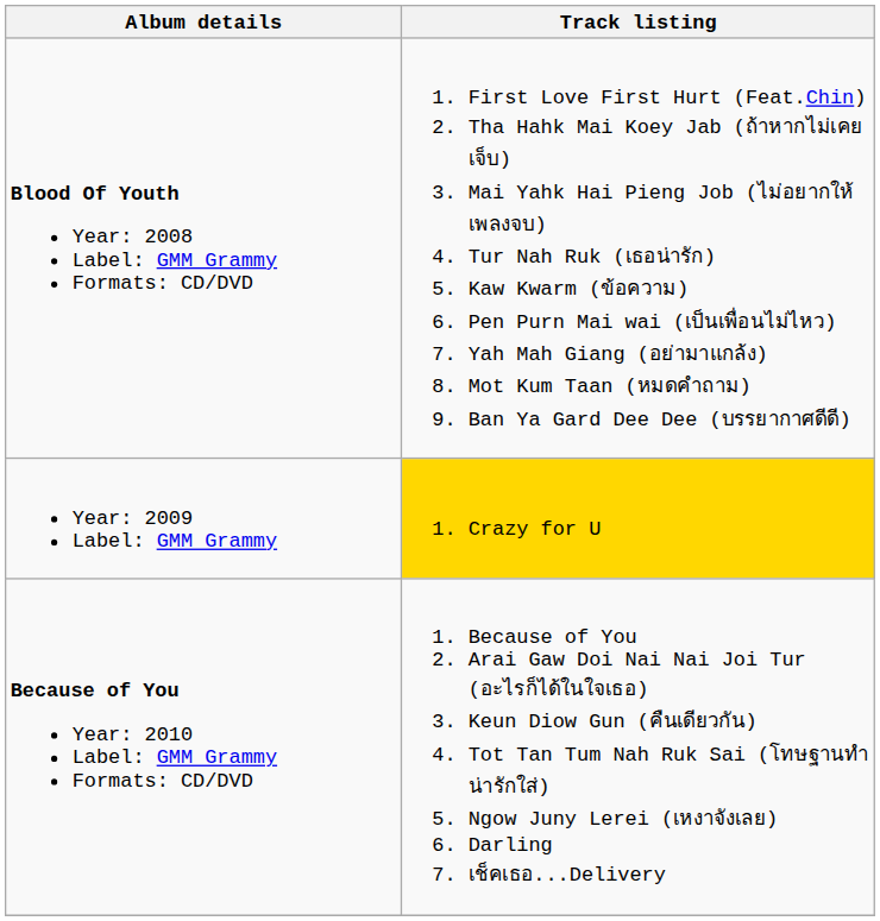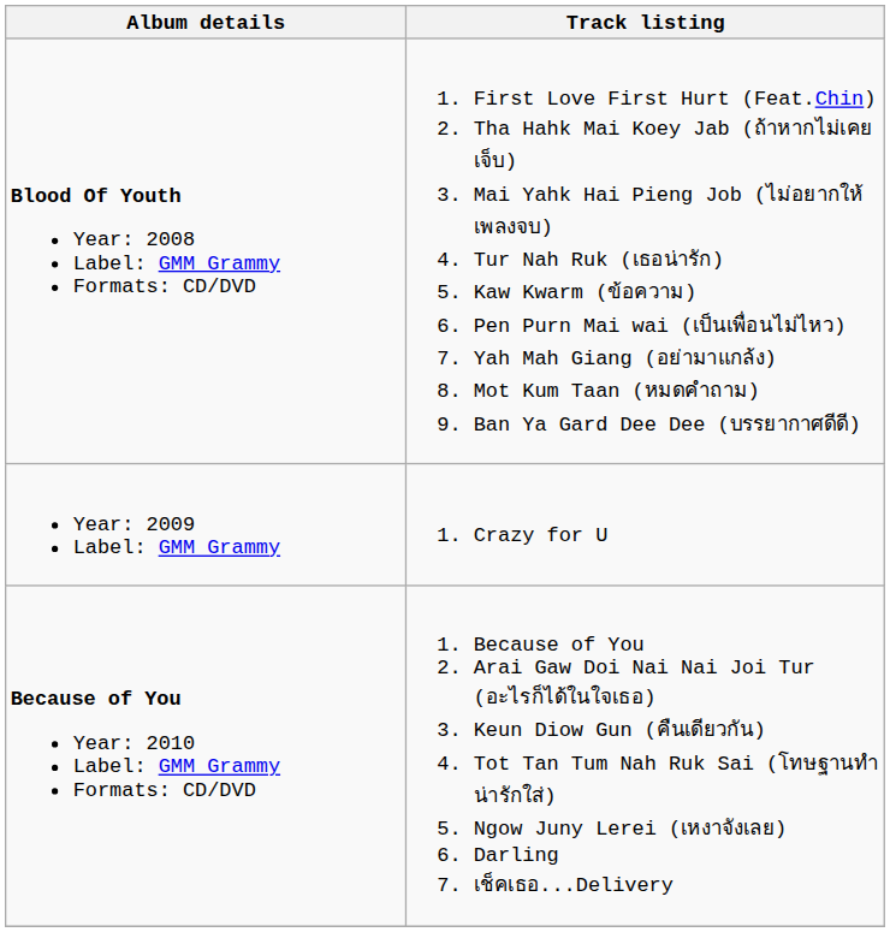 <table class="wikitable">
 <tr>
 <th align="left" width="250px">Album details</th>
 <th align="left" width="300px">Track listing</th>
 </tr>
 <tr>
 <td align = "left"><strong> Blood Of Youth </strong><br><ul><li>Year: 2008</li><li>Label: <a href='#'>GMM Grammy</a></li><li>Formats: CD/DVD</li></ul></td>
 <td><br><ol><li>First Love First Hurt (Feat.<a href='#'>Chin</a>)</li><li>Tha Hahk Mai Koey Jab (ถ้าหากไม่เคยเจ็บ)</li><li>Mai Yahk Hai Pieng Job (ไม่อยากให้เพลงจบ)</li><li>Tur Nah Ruk (เธอน่ารัก)</li><li>Kaw Kwarm (ข้อความ)</li><li>Pen Purn Mai wai (เป็นเพื่อนไม่ไหว)</li><li>Yah Mah Giang (อย่ามาแกล้ง)</li><li>Mot Kum Taan (หมดคำถาม)</li><li>Ban Ya Gard Dee Dee (บรรยากาศดีดี)</li></ol></td>
 </tr>
 <tr>
 <td align = "left"><br><ul><li>Year: 2009</li><li>Label: <a href='#'>GMM Grammy</a></li></ul></td>
-<td style="background: gold;"><br><ol><li>Crazy for U</li></ol></td>
+<td><br><ol><li>Crazy for U</li></ol></td>
 </tr>
 <tr>
 <td align = "left"><strong> Because of You </strong><br><ul><li>Year: 2010</li><li>Label: <a href='#'>GMM Grammy</a></li><li>Formats: CD/DVD</li></ul></td>
 <td><br><ol><li>Because of You</li><li>Arai Gaw Doi Nai Nai Joi Tur (อะไรก็ได้ในใจเธอ)</li><li>Keun Diow Gun (คืนเดียวกัน)</li><li>Tot Tan Tum Nah Ruk Sai (โทษฐานทำน่ารักใส่)</li><li>Ngow Juny Lerei (เหงาจังเลย)</li><li>Darling</li><li>เช็คเธอ...Delivery</li></ol></td>
 </tr>
 <tr>
 </tr>
 </table>
